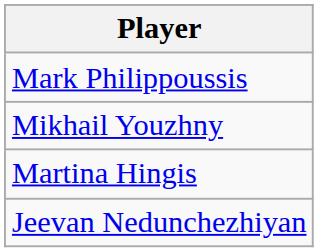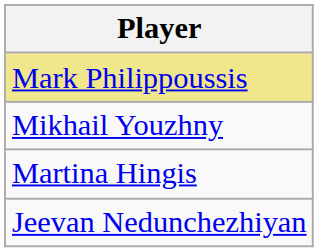 <table class="wikitable">
 <tr>
 <th>Player</th>
 </tr>
 <tr>
-<td> <a href='#'>Mark Philippoussis</a></td>
+<td style="background: khaki;"> <a href='#'>Mark Philippoussis</a></td>
 </tr>
 <tr>
 <td> <a href='#'>Mikhail Youzhny</a></td>
 </tr>
 <tr>
 <td> <a href='#'>Martina Hingis</a></td>
 </tr>
 <tr>
 <td> <a href='#'>Jeevan Nedunchezhiyan</a></td>
 </tr>
 </table>
